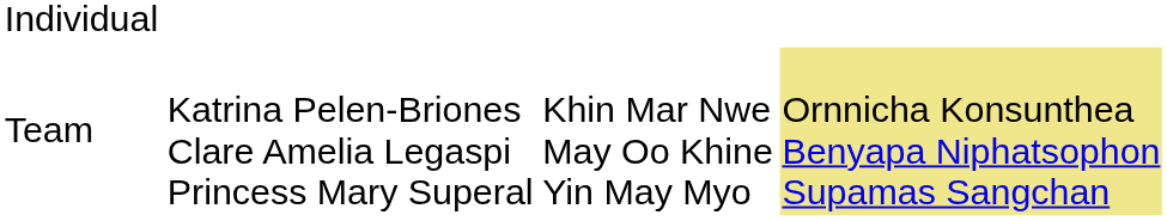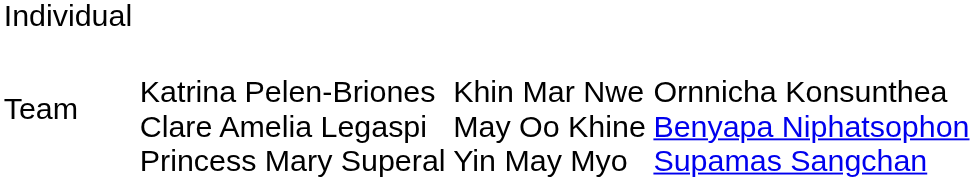 <table>
 <tr>
 <td>Individual<br></td>
 <td></td>
 <td></td>
 <td></td>
 </tr>
 <tr>
 <td>Team<br></td>
 <td><br>Katrina Pelen-Briones<br>Clare Amelia Legaspi<br>Princess Mary Superal</td>
 <td><br>Khin Mar Nwe<br>May Oo Khine<br>Yin May Myo</td>
-<td style="background: khaki;"><br>Ornnicha Konsunthea<br><a href='#'>Benyapa Niphatsophon</a><br><a href='#'>Supamas Sangchan</a></td>
+<td><br>Ornnicha Konsunthea<br><a href='#'>Benyapa Niphatsophon</a><br><a href='#'>Supamas Sangchan</a></td>
 </tr>
 </table>
